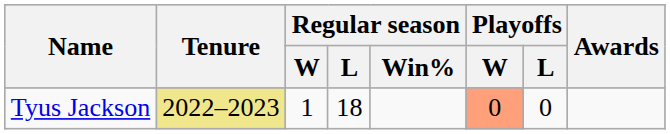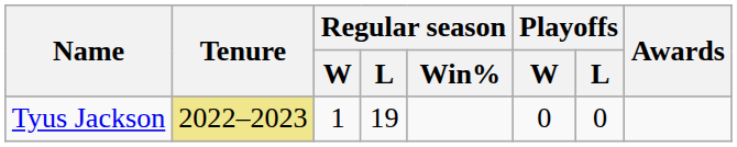 <table class="wikitable">
 <tr>
 <th rowspan="2">Name</th>
 <th rowspan="2">Tenure</th>
 <th colspan="3">Regular season</th>
 <th colspan="2">Playoffs</th>
 <th rowspan="2">Awards</th>
 </tr>
 <tr>
 <th rowspan="1">W</th>
 <th rowspan="1">L</th>
 <th rowspan="1">Win%</th>
 <th rowspan="1">W</th>
 <th rowspan="1">L</th>
 </tr>
 <tr>
 <td><a href='#'>Tyus Jackson</a></td>
 <td style="background: khaki; text-align:center;">2022–2023</td>
 <td style="text-align:center;">1</td>
-<td style="text-align:center;">18</td>
+<td style="text-align:center;">19</td>
 <td style="text-align:center;"></td>
-<td style="background: lightsalmon; text-align:center;">0</td>
+<td style="text-align:center;">0</td>
 <td style="text-align:center;">0</td>
 <td></td>
 </tr>
 </table>
